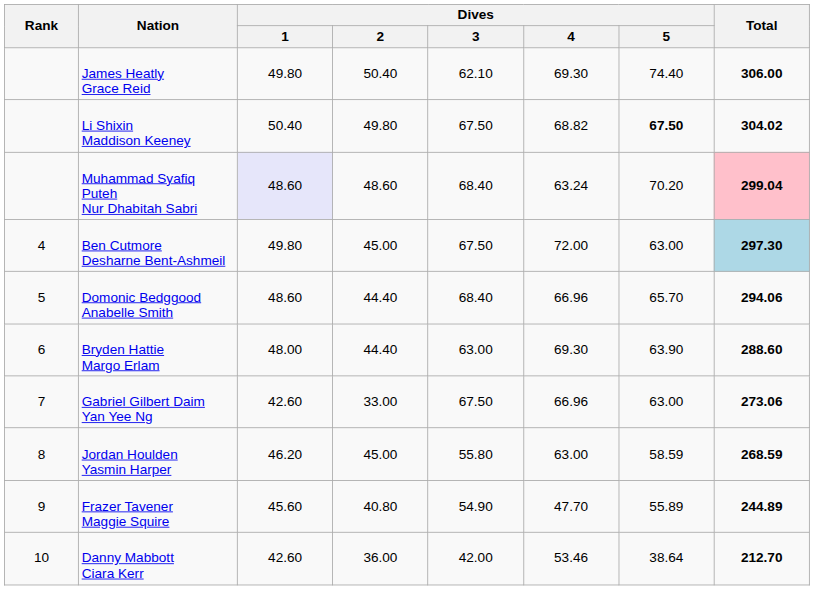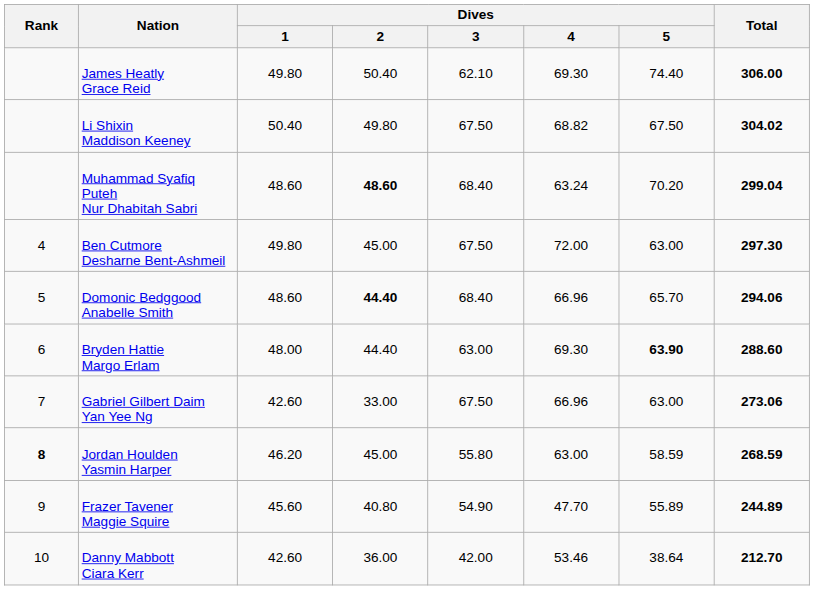 <table class="wikitable" width="75%">
 <tr>
 <th rowspan="2" width="7%">Rank</th>
 <th rowspan="2" width="15%">Nation</th>
 <th colspan="5">Dives</th>
 <th rowspan="2" width="9%">Total</th>
 </tr>
 <tr>
 <th width="9%">1</th>
 <th width="9%">2</th>
 <th width="9%">3</th>
 <th width="9%">4</th>
 <th width="9%">5</th>
 </tr>
 <tr align=center>
 <td></td>
 <td align=left> <br><a href='#'>James Heatly</a><br><a href='#'>Grace Reid</a></td>
 <td>49.80</td>
 <td>50.40</td>
 <td>62.10</td>
 <td>69.30</td>
 <td>74.40</td>
 <td><strong>306.00</strong></td>
 </tr>
 <tr align=center>
 <td></td>
 <td align=left><br><a href='#'>Li Shixin</a>  <br><a href='#'>Maddison Keeney</a></td>
 <td>50.40</td>
 <td>49.80</td>
 <td>67.50</td>
 <td>68.82</td>
-<td><strong>67.50</strong></td>
+<td>67.50</td>
 <td><strong>304.02</strong></td>
 </tr>
 <tr align=center>
 <td></td>
 <td align=left> <br><a href='#'>Muhammad Syafiq Puteh</a><br><a href='#'>Nur Dhabitah Sabri</a></td>
-<td style="background: lavender;">48.60</td>
 <td>48.60</td>
+<td><strong>48.60</strong></td>
 <td>68.40</td>
 <td>63.24</td>
 <td>70.20</td>
-<td style="background: pink;"><strong>299.04</strong></td>
+<td><strong>299.04</strong></td>
 </tr>
 <tr align=center>
 <td>4</td>
 <td align=left><br><a href='#'>Ben Cutmore</a><br><a href='#'>Desharne Bent-Ashmeil</a></td>
 <td>49.80</td>
 <td>45.00</td>
 <td>67.50</td>
 <td>72.00</td>
 <td>63.00</td>
-<td style="background: lightblue;"><strong>297.30</strong></td>
+<td><strong>297.30</strong></td>
 </tr>
 <tr align=center>
 <td>5</td>
 <td align=left> <br><a href='#'>Domonic Bedggood</a> <br><a href='#'>Anabelle Smith</a></td>
 <td>48.60</td>
-<td>44.40</td>
+<td><strong>44.40</strong></td>
 <td>68.40</td>
 <td>66.96</td>
 <td>65.70</td>
 <td><strong>294.06</strong></td>
 </tr>
 <tr align=center>
 <td>6</td>
 <td align=left><br><a href='#'>Bryden Hattie</a><br><a href='#'>Margo Erlam</a></td>
 <td>48.00</td>
 <td>44.40</td>
 <td>63.00</td>
 <td>69.30</td>
-<td>63.90</td>
+<td><strong>63.90</strong></td>
 <td><strong>288.60</strong></td>
 </tr>
 <tr align=center>
 <td>7</td>
 <td align=left> <br><a href='#'>Gabriel Gilbert Daim</a> <br><a href='#'>Yan Yee Ng</a></td>
 <td>42.60</td>
 <td>33.00</td>
 <td>67.50</td>
 <td>66.96</td>
 <td>63.00</td>
 <td><strong>273.06</strong></td>
 </tr>
 <tr align=center>
-<td>8</td>
+<td><strong>8</strong></td>
 <td align=left>  <br><a href='#'>Jordan Houlden</a><br><a href='#'>Yasmin Harper</a></td>
 <td>46.20</td>
 <td>45.00</td>
 <td>55.80</td>
 <td>63.00</td>
 <td>58.59</td>
 <td><strong>268.59</strong></td>
 </tr>
 <tr align=center>
 <td>9</td>
 <td align=left> <br><a href='#'>Frazer Tavener</a> <br><a href='#'>Maggie Squire</a></td>
 <td>45.60</td>
 <td>40.80</td>
 <td>54.90</td>
 <td>47.70</td>
 <td>55.89</td>
 <td><strong>244.89</strong></td>
 </tr>
 <tr align=center>
 <td>10</td>
 <td align=left> <br><a href='#'>Danny Mabbott</a> <br><a href='#'>Ciara Kerr</a></td>
 <td>42.60</td>
 <td>36.00</td>
 <td>42.00</td>
 <td>53.46</td>
 <td>38.64</td>
 <td><strong>212.70</strong></td>
 </tr>
 </table>
